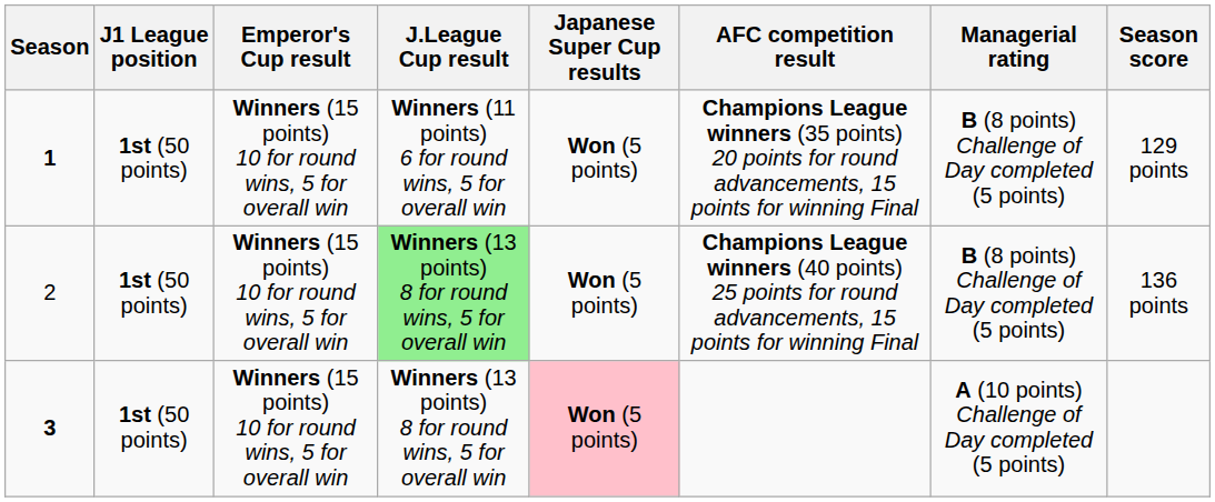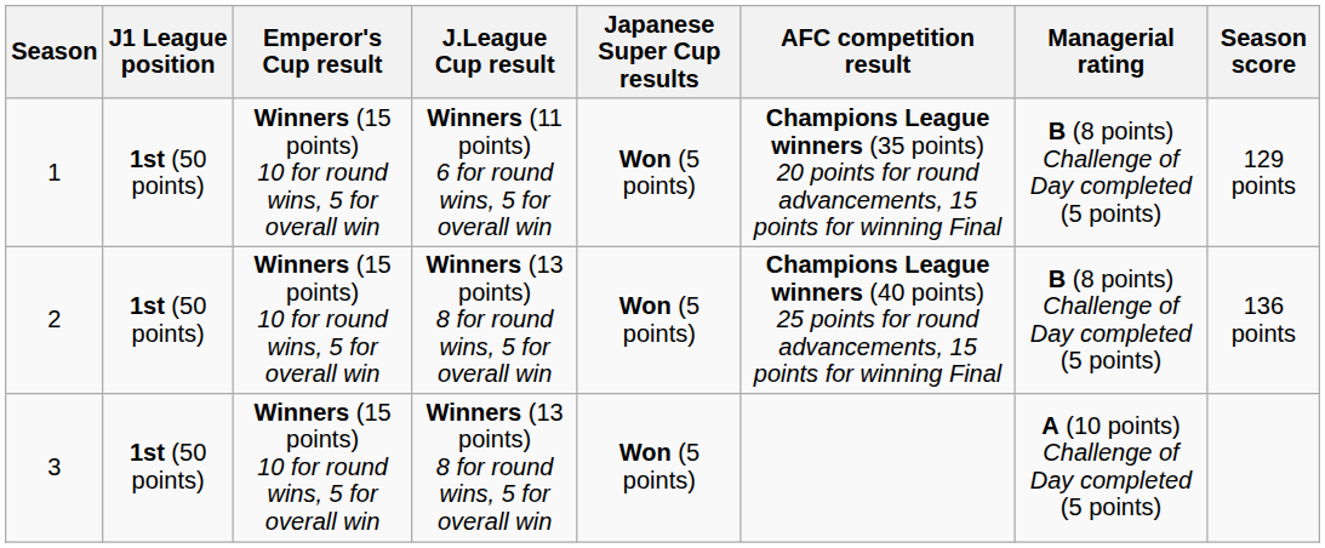 <table class="wikitable" style="text-align:center">
 <tr>
 <th>Season</th>
 <th>J1 League position</th>
 <th>Emperor's Cup result</th>
 <th>J.League Cup result</th>
 <th><strong>Japanese Super Cup results</strong></th>
 <th>AFC competition result</th>
 <th>Managerial rating</th>
 <th>Season score</th>
 </tr>
 <tr>
-<td><strong>1</strong></td>
+<td>1</td>
 <td><strong>1st</strong> (50 points)</td>
 <td><strong>Winners</strong> (15 points)<br><em>10 for round wins, 5 for overall win</em></td>
 <td><strong>Winners</strong> (11 points)<br><em>6 for round wins, 5 for overall win</em></td>
 <td><strong>Won</strong> (5 points)</td>
 <td><strong>Champions League winners</strong> (35 points)<br><em>20 points for round advancements, 15 points for winning Final</em></td>
 <td><strong>B</strong> (8 points)<br><em>Challenge of Day completed</em> (5 points)</td>
 <td>129 points</td>
 </tr>
 <tr>
 <td>2</td>
 <td><strong>1st</strong> (50 points)</td>
 <td><strong>Winners</strong> (15 points)<br><em>10 for round wins, 5 for overall win</em></td>
-<td style="background: lightgreen;"><strong>Winners</strong> (13 points)<br><em>8 for round wins, 5 for overall win</em></td>
+<td><strong>Winners</strong> (13 points)<br><em>8 for round wins, 5 for overall win</em></td>
 <td><strong>Won</strong> (5 points)</td>
 <td><strong>Champions League winners</strong> (40 points)<br><em>25 points for round advancements, 15 points for winning Final</em></td>
 <td><strong>B</strong> (8 points)<br><em>Challenge of Day completed</em> (5 points)</td>
 <td>136 points</td>
 </tr>
 <tr>
-<td><strong>3</strong></td>
+<td>3</td>
 <td><strong>1st</strong> (50 points)</td>
 <td><strong>Winners</strong> (15 points)<br><em>10 for round wins, 5 for overall win</em></td>
 <td><strong>Winners</strong> (13 points)<br><em>8 for round wins, 5 for overall win</em></td>
-<td style="background: pink;"><strong>Won</strong> (5 points)</td>
+<td><strong>Won</strong> (5 points)</td>
 <td></td>
 <td><strong>A</strong> (10 points)<br><em>Challenge of Day completed</em> (5 points)</td>
 </tr>
 </table>
